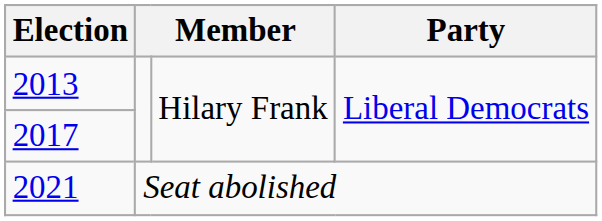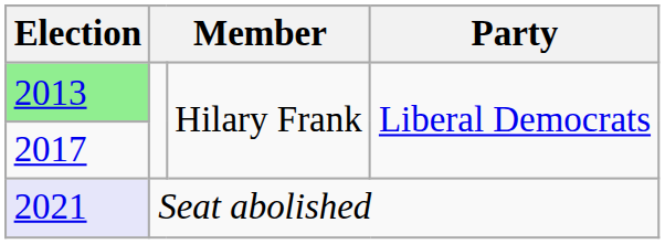 <table class="wikitable">
 <tr>
 <th>Election</th>
 <th colspan="2">Member</th>
 <th>Party</th>
 </tr>
 <tr>
-<td><a href='#'>2013</a></td>
+<td style="background: lightgreen;"><a href='#'>2013</a></td>
 <td rowspan="2" style="background-color: "></td>
 <td rowspan="2">Hilary Frank</td>
 <td rowspan="2"><a href='#'>Liberal Democrats</a></td>
 </tr>
 <tr>
 <td><a href='#'>2017</a></td>
 </tr>
 <tr>
-<td><a href='#'>2021</a></td>
+<td style="background: lavender;"><a href='#'>2021</a></td>
 <td colspan="3"><em>Seat abolished</em></td>
 </tr>
 </table>
